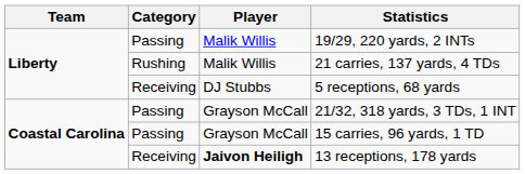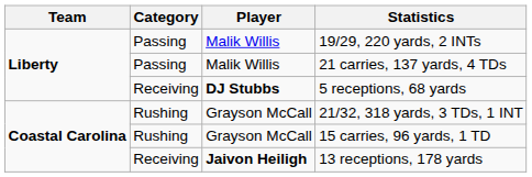 <table class="wikitable" style="float: left;">
 <tr>
 <th>Team</th>
 <th>Category</th>
 <th>Player</th>
 <th>Statistics</th>
 </tr>
 <tr>
 <td rowspan=3><strong>Liberty</strong></td>
 <td>Passing</td>
 <td><a href='#'>Malik Willis</a></td>
 <td>19/29, 220 yards, 2 INTs</td>
 </tr>
 <tr>
-<td>Rushing</td>
+<td>Passing</td>
 <td>Malik Willis</td>
 <td>21 carries, 137 yards, 4 TDs</td>
 </tr>
 <tr>
 <td>Receiving</td>
-<td>DJ Stubbs</td>
+<td><strong>DJ Stubbs</strong></td>
 <td>5 receptions, 68 yards</td>
 </tr>
 <tr>
 <td rowspan=3><strong>Coastal Carolina</strong></td>
-<td>Passing</td>
+<td>Rushing</td>
 <td>Grayson McCall</td>
 <td>21/32, 318 yards, 3 TDs, 1 INT</td>
 </tr>
 <tr>
-<td>Passing</td>
+<td>Rushing</td>
 <td>Grayson McCall</td>
 <td>15 carries, 96 yards, 1 TD</td>
 </tr>
 <tr>
 <td>Receiving</td>
 <td><strong>Jaivon Heiligh</strong></td>
 <td>13 receptions, 178 yards</td>
 </tr>
 </table>
